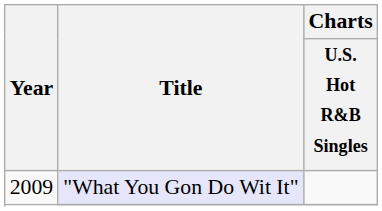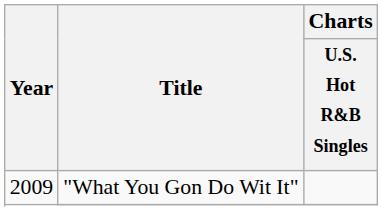 <table class="wikitable">
 <tr>
 <th rowspan="2">Year</th>
 <th rowspan="2">Title</th>
 <th colspan="2">Charts</th>
 </tr>
 <tr>
 <th width="25"><sup>U.S. Hot R&B Singles</sup></th>
 </tr>
 <tr>
 <td rowspan="2" align="center">2009</td>
-<td style="background: lavender;">"What You Gon Do Wit It"</td>
+<td>"What You Gon Do Wit It"</td>
 <td></td>
 </tr>
 <tr>
 </tr>
 </table>
